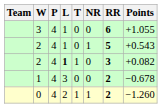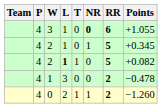 <table class="wikitable">
 <tr>
 <th>Team</th>
+<th>P</th>
 <th>W</th>
-<th>P</th>
 <th>L</th>
 <th>T</th>
 <th>NR</th>
 <th>RR</th>
 <th>Points</th>
 </tr>
 <tr style="background:#cfc;">
 <td style="text-align:left;"></td>
+<td>4</td>
 <td>3</td>
-<td>4</td>
 <td>1</td>
 <td>0</td>
-<td>0</td>
+<td><strong>0</strong></td>
 <td><strong>6</strong></td>
 <td>+1.055</td>
 </tr>
 <tr style="background:#cfc;">
 <td style="text-align:left;"></td>
+<td>4</td>
 <td>2</td>
-<td>4</td>
 <td>1</td>
 <td>0</td>
 <td>1</td>
 <td><strong>5</strong></td>
-<td>+0.543</td>
+<td>+0.345</td>
 </tr>
 <tr style="background:#cfc;">
 <td style="text-align:left;"></td>
+<td>4</td>
 <td>2</td>
-<td>4</td>
 <td><strong>1</strong></td>
 <td>1</td>
 <td>0</td>
-<td><strong>3</strong></td>
+<td><strong>5</strong></td>
 <td>+0.082</td>
 </tr>
 <tr style="background:#cfc;">
 <td style="text-align:left;"></td>
+<td>4</td>
 <td>1</td>
-<td>4</td>
 <td>3</td>
 <td>0</td>
 <td>0</td>
 <td><strong>2</strong></td>
-<td>−0.678</td>
+<td>−0.478</td>
 </tr>
 <tr style="background:#ffc;">
 <td style="text-align:left;"></td>
+<td>4</td>
 <td>0</td>
-<td>4</td>
 <td>2</td>
 <td>1</td>
 <td>1</td>
 <td><strong>2</strong></td>
 <td>−1.260</td>
 </tr>
 </table>
